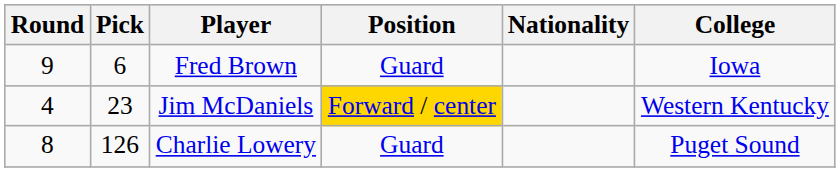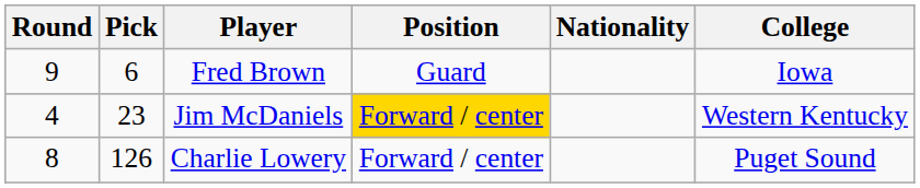 <table class="wikitable sortable">
 <tr>
 <th scope="col">Round</th>
 <th scope="col">Pick</th>
 <th scope="col">Player</th>
 <th scope="col">Position</th>
 <th scope="col">Nationality</th>
 <th scope="col">College</th>
 </tr>
 <tr style="text-align: center">
 <td>9</td>
 <td>6</td>
 <td><a href='#'>Fred Brown</a></td>
 <td><a href='#'>Guard</a></td>
 <td></td>
 <td><a href='#'>Iowa</a></td>
 </tr>
 <tr style="text-align: center">
 <td>4</td>
 <td>23</td>
 <td><a href='#'>Jim McDaniels</a></td>
 <td style="background: gold;"><a href='#'>Forward</a> / <a href='#'>center</a></td>
 <td></td>
 <td><a href='#'>Western Kentucky</a></td>
 </tr>
 <tr style="text-align: center">
 <td>8</td>
 <td>126</td>
 <td><a href='#'>Charlie Lowery</a></td>
-<td><a href='#'>Guard</a></td>
+<td><a href='#'>Forward</a> / <a href='#'>center</a></td>
 <td></td>
 <td><a href='#'>Puget Sound</a></td>
 </tr>
 </table>
